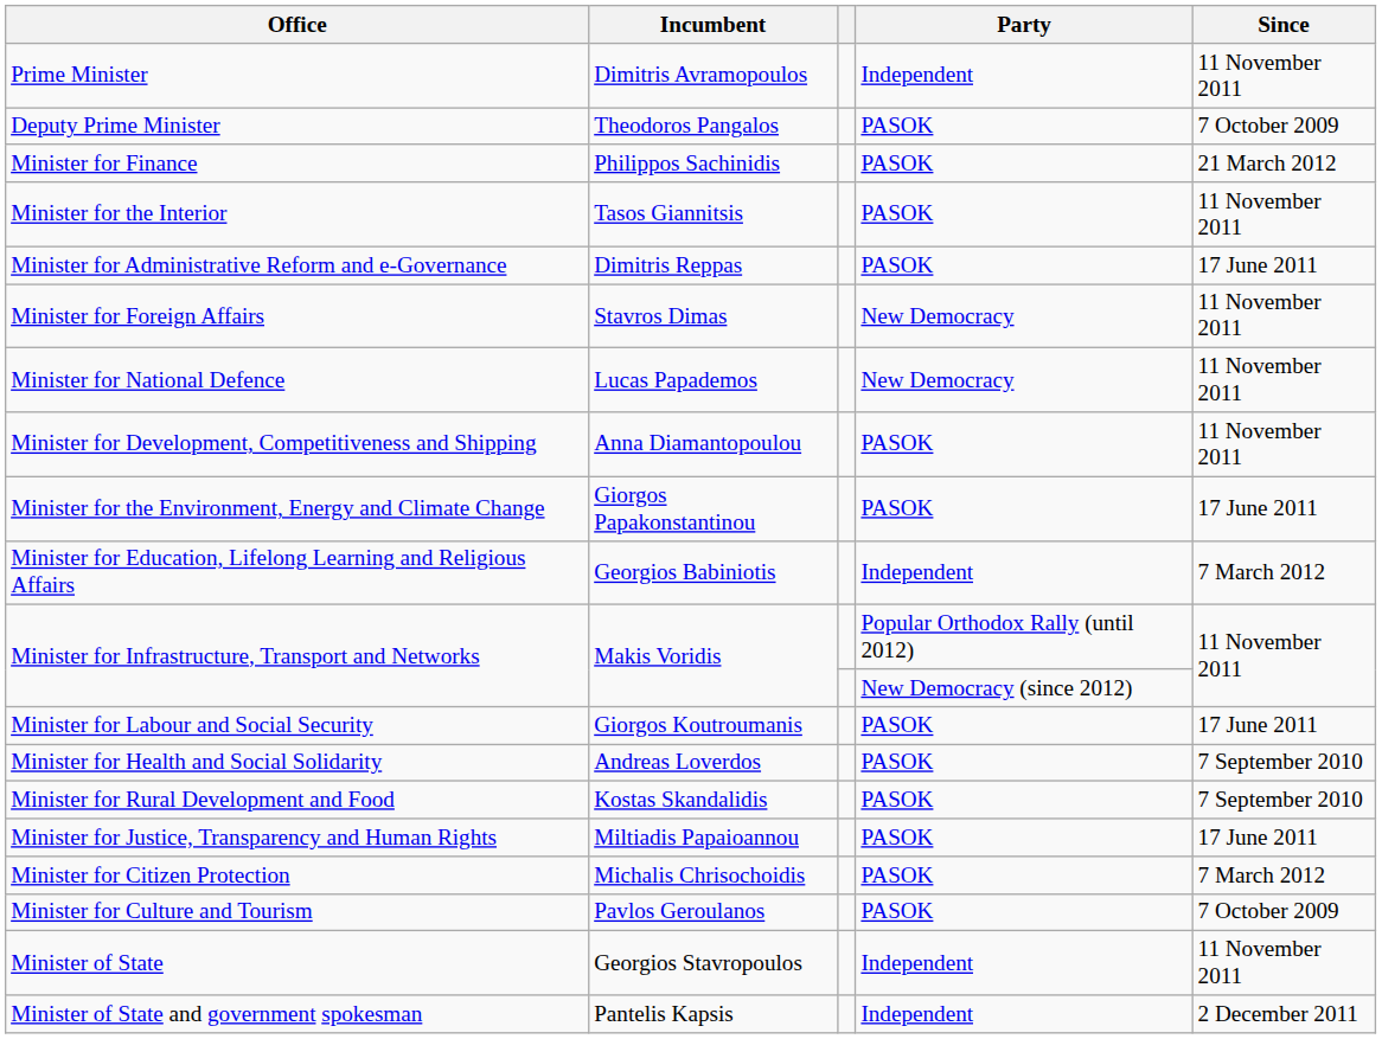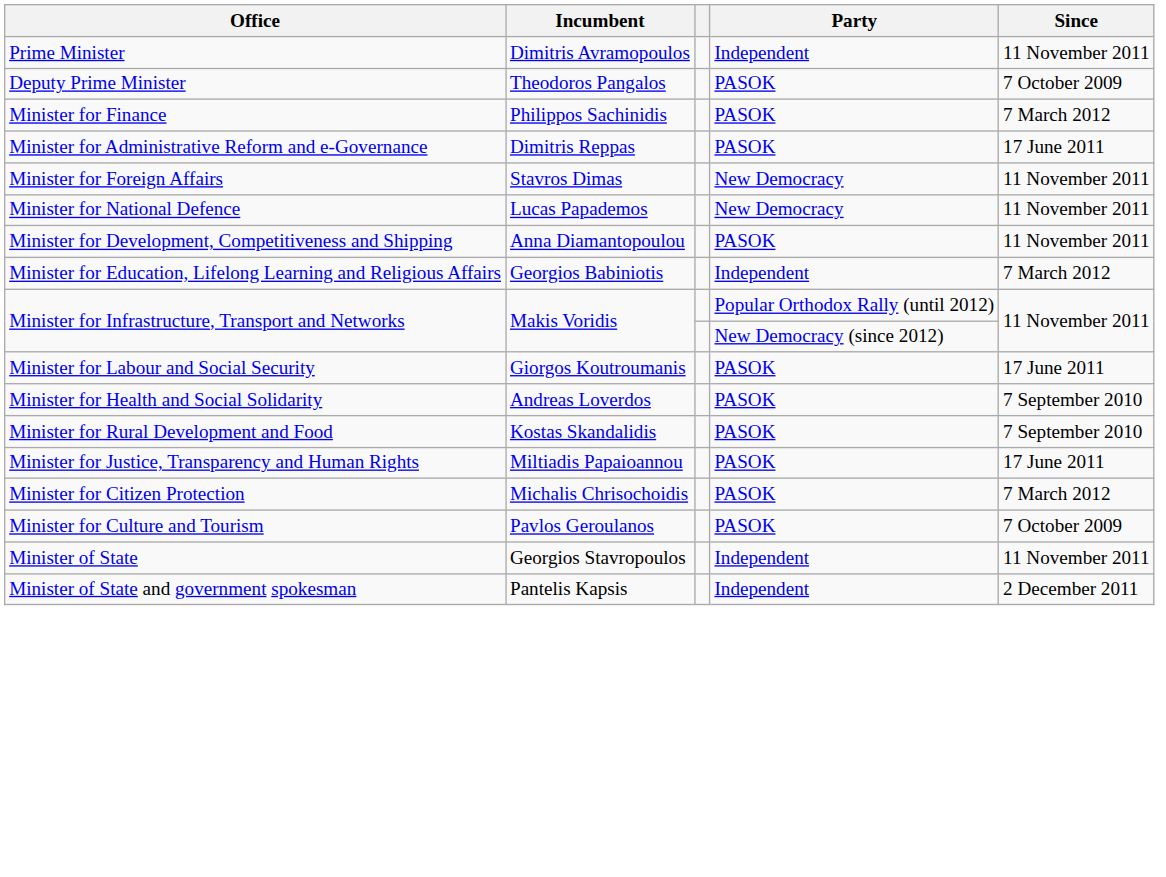 <table class="wikitable" style="font-size: 90%;">
 <tr>
 <th>Office</th>
 <th>Incumbent</th>
 <th></th>
 <th>Party</th>
 <th>Since</th>
 </tr>
 <tr>
 <td><a href='#'>Prime Minister</a></td>
 <td><a href='#'>Dimitris Avramopoulos</a></td>
 <td width=5px style="background-color: "></td>
 <td><a href='#'>Independent</a></td>
 <td>11 November 2011</td>
 </tr>
 <tr>
 <td><a href='#'>Deputy Prime Minister</a></td>
 <td><a href='#'>Theodoros Pangalos</a></td>
 <td style="background-color: "></td>
 <td><a href='#'>PASOK</a></td>
 <td>7 October 2009</td>
 </tr>
 <tr>
 <td><a href='#'>Minister for Finance</a></td>
 <td><a href='#'>Philippos Sachinidis</a></td>
 <td style="background-color: "></td>
 <td><a href='#'>PASOK</a></td>
-<td>21 March 2012</td>
-</tr>
-<tr>
-<td><a href='#'>Minister for the Interior</a></td>
-<td><a href='#'>Tasos Giannitsis</a></td>
-<td style="background-color: "></td>
-<td><a href='#'>PASOK</a></td>
-<td>11 November 2011</td>
+<td>7 March 2012</td>
 </tr>
 <tr>
 <td><a href='#'>Minister for Administrative Reform and e-Governance</a></td>
 <td><a href='#'>Dimitris Reppas</a></td>
 <td style="background-color: "></td>
 <td><a href='#'>PASOK</a></td>
 <td>17 June 2011</td>
 </tr>
 <tr>
 <td><a href='#'>Minister for Foreign Affairs</a></td>
 <td><a href='#'>Stavros Dimas</a></td>
 <td style="background-color: "></td>
 <td><a href='#'>New Democracy</a></td>
 <td>11 November 2011</td>
 </tr>
 <tr>
 <td><a href='#'>Minister for National Defence</a></td>
 <td><a href='#'>Lucas Papademos</a></td>
 <td style="background-color: "></td>
 <td><a href='#'>New Democracy</a></td>
 <td>11 November 2011</td>
 </tr>
 <tr>
 <td><a href='#'>Minister for Development, Competitiveness and Shipping</a></td>
 <td><a href='#'>Anna Diamantopoulou</a></td>
 <td style="background-color: "></td>
 <td><a href='#'>PASOK</a></td>
 <td>11 November 2011</td>
-</tr>
-<tr>
-<td><a href='#'>Minister for the Environment, Energy and Climate Change</a></td>
-<td><a href='#'>Giorgos Papakonstantinou</a></td>
-<td style="background-color: "></td>
-<td><a href='#'>PASOK</a></td>
-<td>17 June 2011</td>
 </tr>
 <tr>
 <td><a href='#'>Minister for Education, Lifelong Learning and Religious Affairs</a></td>
 <td><a href='#'>Georgios Babiniotis</a></td>
 <td style="background-color: "></td>
 <td><a href='#'>Independent</a></td>
 <td>7 March 2012</td>
 </tr>
 <tr>
 <td rowspan="2"><a href='#'>Minister for Infrastructure, Transport and Networks</a></td>
 <td rowspan="2"><a href='#'>Makis Voridis</a></td>
 <td style="background-color: "></td>
 <td><a href='#'>Popular Orthodox Rally</a> (until 2012)</td>
 <td rowspan="2">11 November 2011</td>
 </tr>
 <tr>
 <td style="background-color: "></td>
 <td><a href='#'>New Democracy</a> (since 2012)</td>
 </tr>
 <tr>
 <td><a href='#'>Minister for Labour and Social Security</a></td>
 <td><a href='#'>Giorgos Koutroumanis</a></td>
 <td style="background-color: "></td>
 <td><a href='#'>PASOK</a></td>
 <td>17 June 2011</td>
 </tr>
 <tr>
 <td><a href='#'>Minister for Health and Social Solidarity</a></td>
 <td><a href='#'>Andreas Loverdos</a></td>
 <td style="background-color: "></td>
 <td><a href='#'>PASOK</a></td>
 <td>7 September 2010</td>
 </tr>
 <tr>
 <td><a href='#'>Minister for Rural Development and Food</a></td>
 <td><a href='#'>Kostas Skandalidis</a></td>
 <td style="background-color: "></td>
 <td><a href='#'>PASOK</a></td>
 <td>7 September 2010</td>
 </tr>
 <tr>
 <td><a href='#'>Minister for Justice, Transparency and Human Rights</a></td>
 <td><a href='#'>Miltiadis Papaioannou</a></td>
 <td style="background-color: "></td>
 <td><a href='#'>PASOK</a></td>
 <td>17 June 2011</td>
 </tr>
 <tr>
 <td><a href='#'>Minister for Citizen Protection</a></td>
 <td><a href='#'>Michalis Chrisochoidis</a></td>
 <td style="background-color: "></td>
 <td><a href='#'>PASOK</a></td>
 <td>7 March 2012</td>
 </tr>
 <tr>
 <td><a href='#'>Minister for Culture and Tourism</a></td>
 <td><a href='#'>Pavlos Geroulanos</a></td>
 <td style="background-color: "></td>
 <td><a href='#'>PASOK</a></td>
 <td>7 October 2009</td>
 </tr>
 <tr>
 <td><a href='#'>Minister of State</a></td>
 <td>Georgios Stavropoulos</td>
 <td width=5px style="background-color: "></td>
 <td><a href='#'>Independent</a></td>
 <td>11 November 2011</td>
 </tr>
 <tr>
 <td><a href='#'>Minister of State</a> and <a href='#'>government</a> <a href='#'>spokesman</a></td>
 <td>Pantelis Kapsis</td>
 <td width=5px style="background-color: "></td>
 <td><a href='#'>Independent</a></td>
 <td>2 December 2011</td>
 </tr>
 </table>
